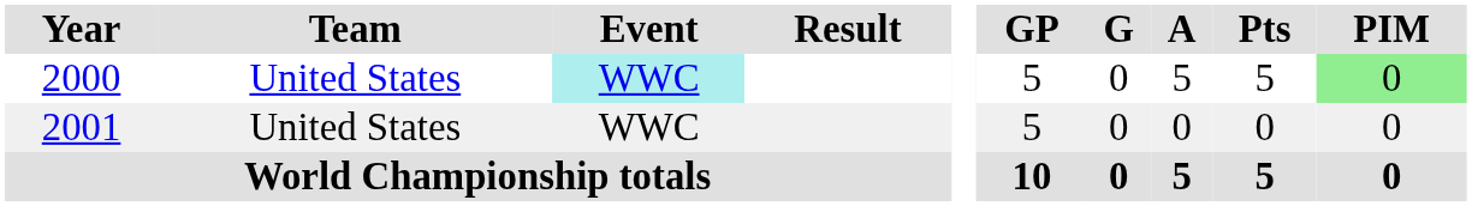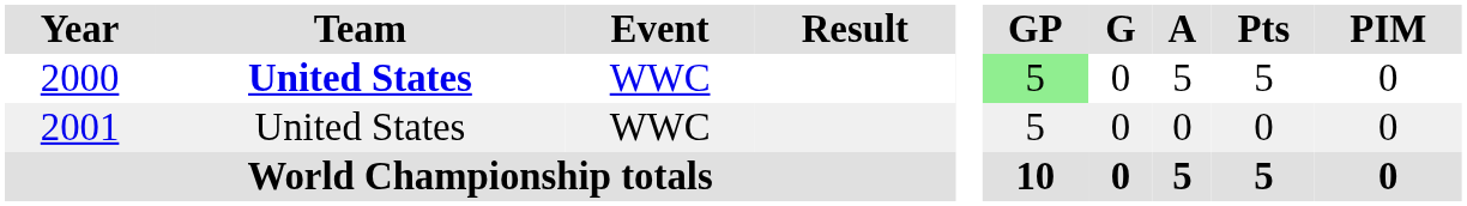 <table border="0" cellpadding="1" cellspacing="0" style="text-align:center; width:95%">
 <tr ALIGN="centre" bgcolor="#e0e0e0">
 <th>Year</th>
 <th>Team</th>
 <th>Event</th>
 <th>Result</th>
 <th rowspan="93" bgcolor="#ffffff"> </th>
 <th>GP</th>
 <th>G</th>
 <th>A</th>
 <th>Pts</th>
 <th>PIM</th>
 </tr>
 <tr>
 <td><a href='#'>2000</a></td>
-<td><a href='#'>United States</a></td>
-<td style="background: paleturquoise;"><a href='#'>WWC</a></td>
+<td><strong><a href='#'>United States</a></strong></td>
+<td><a href='#'>WWC</a></td>
 <td></td>
-<td>5</td>
+<td style="background: lightgreen;">5</td>
 <td>0</td>
 <td>5</td>
 <td>5</td>
-<td style="background: lightgreen;">0</td>
+<td>0</td>
 </tr>
 <tr style="background:#f0f0f0;">
 <td><a href='#'>2001</a></td>
 <td>United States</td>
 <td>WWC</td>
 <td></td>
 <td>5</td>
 <td>0</td>
 <td>0</td>
 <td>0</td>
 <td>0</td>
 </tr>
 <tr style="background:#e0e0e0;">
 <th colspan=4>World Championship totals</th>
 <th>10</th>
 <th>0</th>
 <th>5</th>
 <th>5</th>
 <th>0</th>
 </tr>
 </table>
